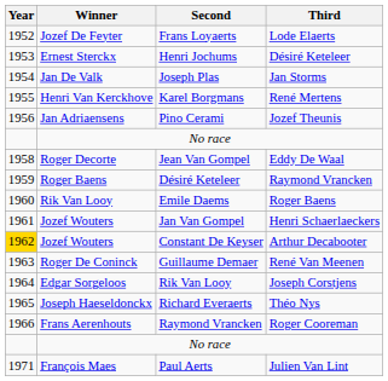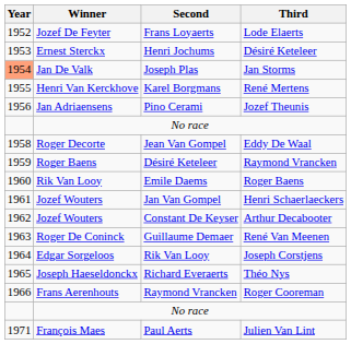 <table class="wikitable">
 <tr>
 <th>Year</th>
 <th>Winner</th>
 <th>Second</th>
 <th>Third</th>
 </tr>
 <tr>
 <td>1952</td>
 <td> <a href='#'>Jozef De Feyter</a></td>
 <td> <a href='#'>Frans Loyaerts</a></td>
 <td> <a href='#'>Lode Elaerts</a></td>
 </tr>
 <tr>
 <td>1953</td>
 <td> <a href='#'>Ernest Sterckx</a></td>
 <td> <a href='#'>Henri Jochums</a></td>
 <td> <a href='#'>Désiré Keteleer</a></td>
 </tr>
 <tr>
-<td>1954</td>
+<td style="background: lightsalmon;">1954</td>
 <td> <a href='#'>Jan De Valk</a></td>
 <td> <a href='#'>Joseph Plas</a></td>
 <td> <a href='#'>Jan Storms</a></td>
 </tr>
 <tr>
 <td>1955</td>
 <td> <a href='#'>Henri Van Kerckhove</a></td>
 <td> <a href='#'>Karel Borgmans</a></td>
 <td> <a href='#'>René Mertens</a></td>
 </tr>
 <tr>
 <td>1956</td>
 <td> <a href='#'>Jan Adriaensens</a></td>
 <td> <a href='#'>Pino Cerami</a></td>
 <td> <a href='#'>Jozef Theunis</a></td>
 </tr>
 <tr>
 <td></td>
 <td colspan="3" align="center"><em>No race</em></td>
 </tr>
 <tr>
 <td>1958</td>
 <td> <a href='#'>Roger Decorte</a></td>
 <td> <a href='#'>Jean Van Gompel</a></td>
 <td> <a href='#'>Eddy De Waal</a></td>
 </tr>
 <tr>
 <td>1959</td>
 <td> <a href='#'>Roger Baens</a></td>
 <td> <a href='#'>Désiré Keteleer</a></td>
 <td> <a href='#'>Raymond Vrancken</a></td>
 </tr>
 <tr>
 <td>1960</td>
 <td> <a href='#'>Rik Van Looy</a></td>
 <td> <a href='#'>Emile Daems</a></td>
 <td> <a href='#'>Roger Baens</a></td>
 </tr>
 <tr>
 <td>1961</td>
 <td> <a href='#'>Jozef Wouters</a></td>
 <td> <a href='#'>Jan Van Gompel</a></td>
 <td> <a href='#'>Henri Schaerlaeckers</a></td>
 </tr>
 <tr>
-<td style="background: gold;">1962</td>
+<td>1962</td>
 <td> <a href='#'>Jozef Wouters</a></td>
 <td> <a href='#'>Constant De Keyser</a></td>
 <td> <a href='#'>Arthur Decabooter</a></td>
 </tr>
 <tr>
 <td>1963</td>
 <td> <a href='#'>Roger De Coninck</a></td>
 <td> <a href='#'>Guillaume Demaer</a></td>
 <td> <a href='#'>René Van Meenen</a></td>
 </tr>
 <tr>
 <td>1964</td>
 <td> <a href='#'>Edgar Sorgeloos</a></td>
 <td> <a href='#'>Rik Van Looy</a></td>
 <td> <a href='#'>Joseph Corstjens</a></td>
 </tr>
 <tr>
 <td>1965</td>
 <td> <a href='#'>Joseph Haeseldonckx</a></td>
 <td> <a href='#'>Richard Everaerts</a></td>
 <td> <a href='#'>Théo Nys</a></td>
 </tr>
 <tr>
 <td>1966</td>
 <td> <a href='#'>Frans Aerenhouts</a></td>
 <td> <a href='#'>Raymond Vrancken</a></td>
 <td> <a href='#'>Roger Cooreman</a></td>
 </tr>
 <tr>
 <td></td>
 <td colspan="3" align="center"><em>No race</em></td>
 </tr>
 <tr>
 <td>1971</td>
 <td> <a href='#'>François Maes</a></td>
 <td> <a href='#'>Paul Aerts</a></td>
 <td> <a href='#'>Julien Van Lint</a></td>
 </tr>
 </table>
